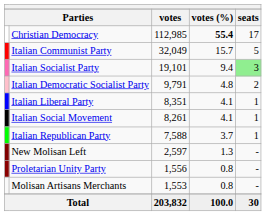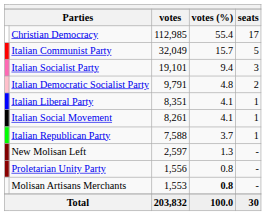 <table class="wikitable" style="font-size:95%">
 <tr>
 <th colspan=5></th>
 </tr>
 <tr>
 </tr>
 <tr bgcolor="EFEFEF">
 <th colspan=2>Parties</th>
 <th>votes</th>
 <th>votes (%)</th>
 <th>seats</th>
 </tr>
 <tr>
 <td bgcolor=White></td>
 <td><a href='#'>Christian Democracy</a></td>
 <td align=right>112,985</td>
-<td align=right><strong>55.4</strong></td>
+<td align=right>55.4</td>
 <td align=right>17</td>
 </tr>
 <tr>
 <td bgcolor=Red></td>
 <td><a href='#'>Italian Communist Party</a></td>
 <td align=right>32,049</td>
 <td align=right>15.7</td>
 <td align=right>5</td>
 </tr>
 <tr>
 <td bgcolor=Hotpink></td>
 <td><a href='#'>Italian Socialist Party</a></td>
 <td align=right>19,101</td>
 <td align=right>9.4</td>
-<td align=right style="background: lightgreen;">3</td>
+<td align=right>3</td>
 </tr>
 <tr>
 <td bgcolor=Pink></td>
 <td><a href='#'>Italian Democratic Socialist Party</a></td>
 <td align=right>9,791</td>
 <td align=right>4.8</td>
 <td align=right>2</td>
 </tr>
 <tr>
 <td bgcolor=Blue></td>
 <td><a href='#'>Italian Liberal Party</a></td>
 <td align=right>8,351</td>
 <td align=right>4.1</td>
 <td align=right>1</td>
 </tr>
 <tr>
 <td bgcolor=Black></td>
 <td><a href='#'>Italian Social Movement</a></td>
 <td align=right>8,261</td>
 <td align=right>4.1</td>
 <td align=right>1</td>
 </tr>
 <tr>
 <td bgcolor=Lime></td>
 <td><a href='#'>Italian Republican Party</a></td>
 <td align=right>7,588</td>
 <td align=right>3.7</td>
 <td align=right>1</td>
 </tr>
 <tr>
 <td bgcolor=Maroon></td>
 <td>New Molisan Left</td>
 <td align=right>2,597</td>
 <td align=right>1.3</td>
 <td align=right>-</td>
 </tr>
 <tr>
 <td bgcolor=Darkred></td>
 <td><a href='#'>Proletarian Unity Party</a></td>
 <td align=right>1,556</td>
 <td align=right>0.8</td>
 <td align=right>-</td>
 </tr>
 <tr>
 <td bgcolor=></td>
 <td>Molisan Artisans Merchants</td>
 <td align=right>1,553</td>
-<td align=right>0.8</td>
+<td align=right><strong>0.8</strong></td>
 <td align=right>-</td>
 </tr>
 <tr>
 </tr>
 <tr bgcolor="EFEFEF">
 <th colspan=2><strong>Total</strong></th>
 <td align=right><strong>203,832</strong></td>
 <td align=right><strong>100.0</strong></td>
 <td align=right><strong>30</strong></td>
 </tr>
 </table>
